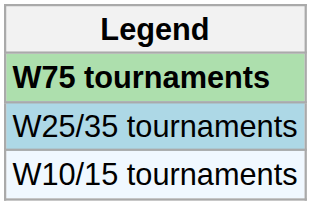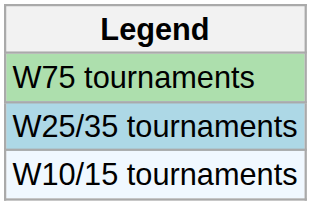 <table class="wikitable" style="font-size:85%">
 <tr>
 <th>Legend</th>
 </tr>
 <tr style="background:#addfad;">
-<td><strong>W75 tournaments</strong></td>
+<td>W75 tournaments</td>
 </tr>
 <tr style="background:lightblue;">
 <td>W25/35 tournaments</td>
 </tr>
 <tr style="background:#f0f8ff;">
 <td>W10/15 tournaments</td>
 </tr>
 </table>
